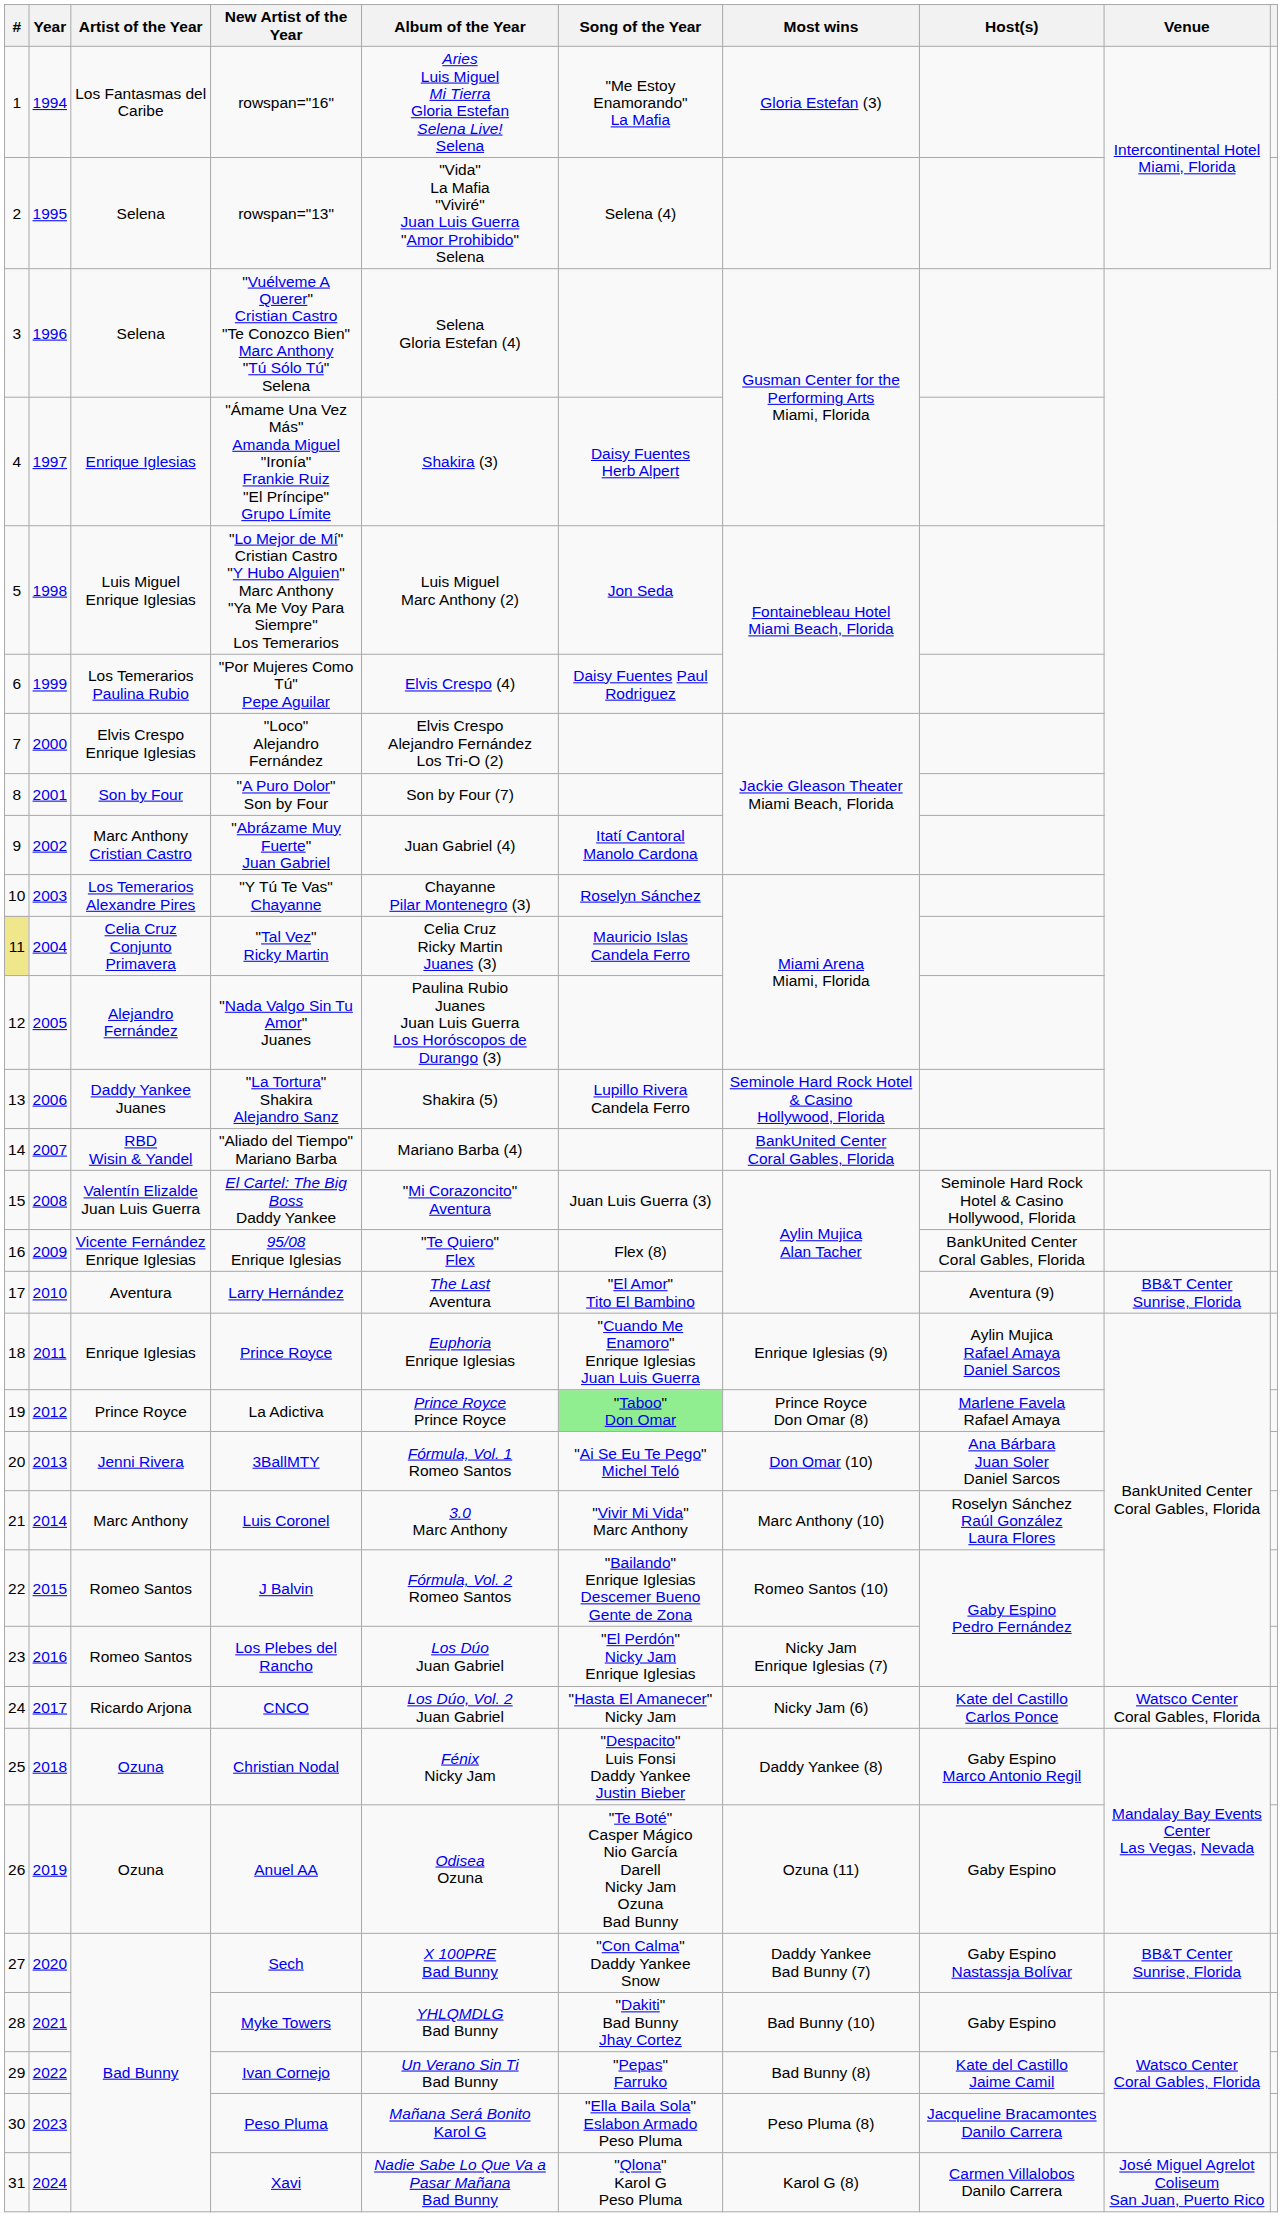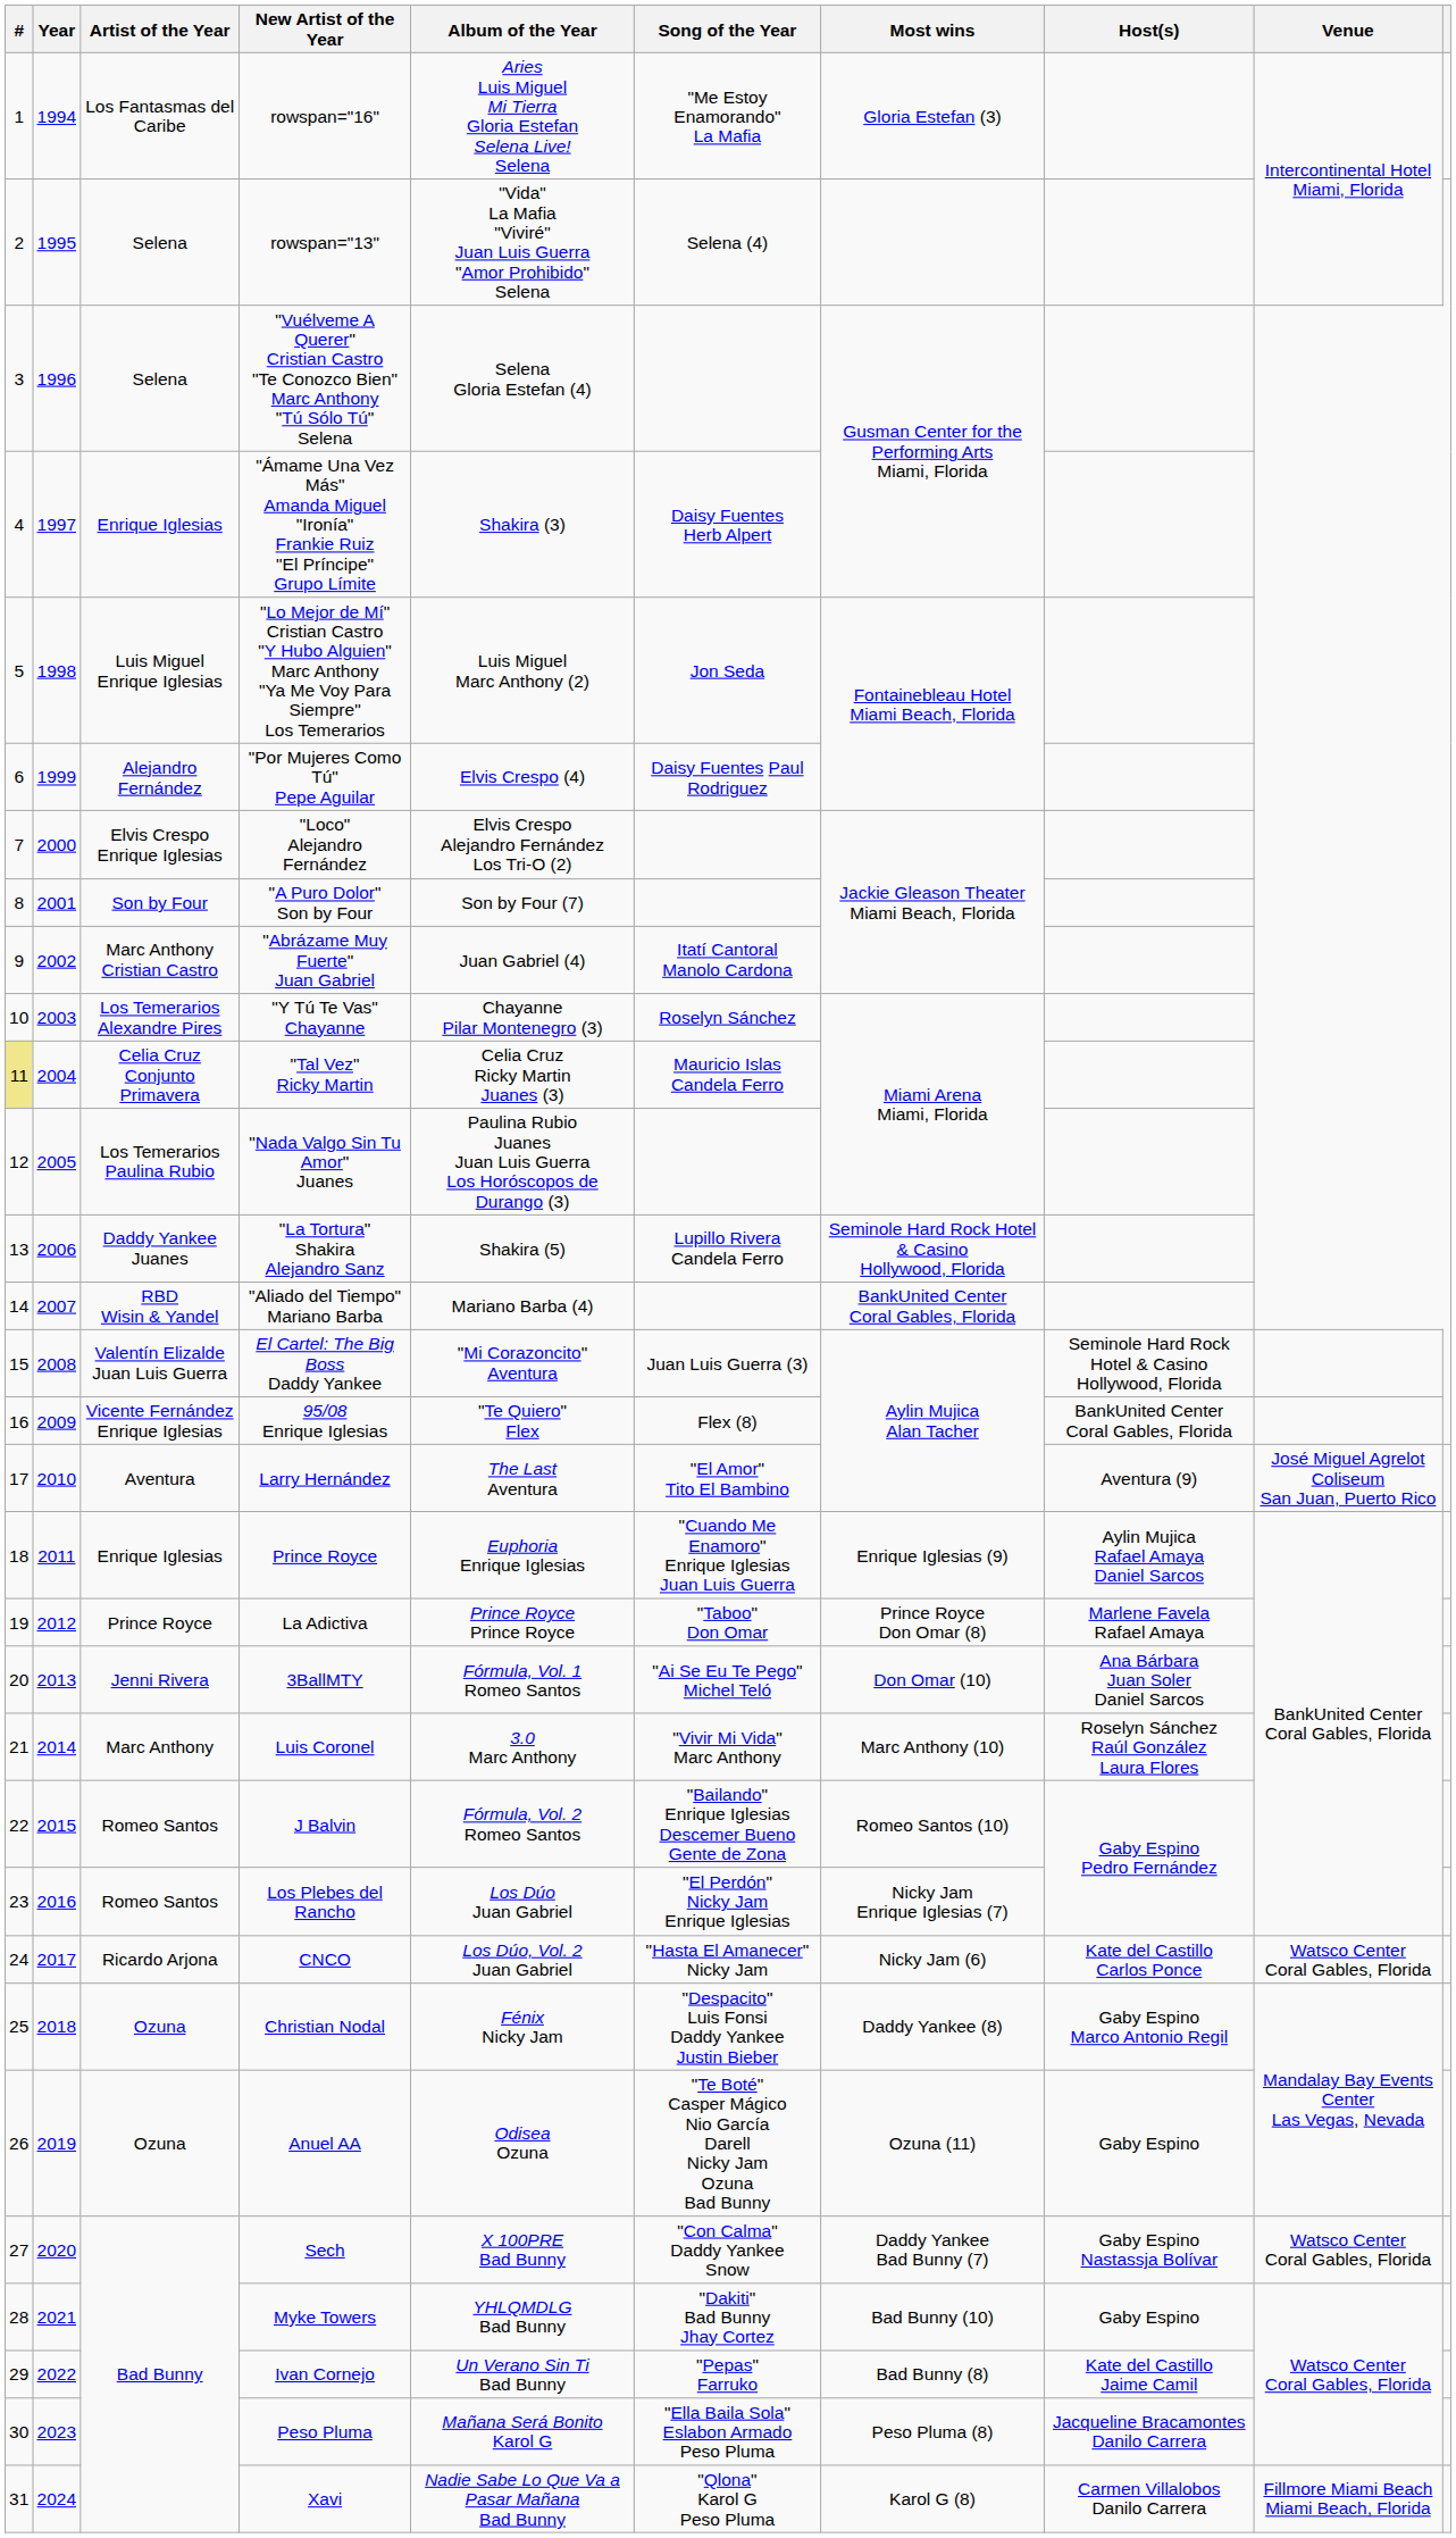 <table class="wikitable"  style="font-size:95%; text-align:center">
 <tr>
 <th>#</th>
 <th>Year</th>
 <th>Artist of the Year</th>
 <th>New Artist of the Year</th>
 <th>Album of the Year</th>
 <th>Song of the Year</th>
 <th>Most wins</th>
 <th>Host(s)</th>
 <th>Venue</th>
 <th></th>
 </tr>
 <tr>
 <td>1</td>
 <td><a href='#'>1994</a></td>
 <td>Los Fantasmas del Caribe</td>
 <td>rowspan="16" </td>
 <td><em><a href='#'>Aries</a></em><br><a href='#'>Luis Miguel</a><br><em><a href='#'>Mi Tierra</a></em><br><a href='#'>Gloria Estefan</a><br><em><a href='#'>Selena Live!</a></em><br><a href='#'>Selena</a></td>
 <td>"Me Estoy Enamorando"<br><a href='#'>La Mafia</a></td>
 <td><a href='#'>Gloria Estefan</a> (3)</td>
 <td></td>
 <td rowspan="2"><a href='#'>Intercontinental Hotel</a><br><a href='#'>Miami, Florida</a></td>
 <td></td>
 </tr>
 <tr>
 <td>2</td>
 <td><a href='#'>1995</a></td>
 <td>Selena</td>
 <td>rowspan="13" </td>
 <td>"Vida"<br>La Mafia<br>"Viviré"<br><a href='#'>Juan Luis Guerra</a><br>"<a href='#'>Amor Prohibido</a>"<br>Selena</td>
 <td>Selena (4)</td>
 <td></td>
 <td></td>
 </tr>
 <tr>
 <td>3</td>
 <td><a href='#'>1996</a></td>
 <td>Selena</td>
 <td>"<a href='#'>Vuélveme A Querer</a>"<br><a href='#'>Cristian Castro</a><br>"Te Conozco Bien"<br><a href='#'>Marc Anthony</a><br>"<a href='#'>Tú Sólo Tú</a>"<br>Selena</td>
 <td>Selena<br>Gloria Estefan (4)</td>
 <td></td>
 <td rowspan="2"><a href='#'>Gusman Center for the Performing Arts</a><br>Miami, Florida</td>
 <td></td>
 </tr>
 <tr>
 <td>4</td>
 <td><a href='#'>1997</a></td>
 <td><a href='#'>Enrique Iglesias</a></td>
 <td>"Ámame Una Vez Más"<br><a href='#'>Amanda Miguel</a><br>"Ironía"<br><a href='#'>Frankie Ruiz</a><br>"El Príncipe"<br><a href='#'>Grupo Límite</a></td>
 <td><a href='#'>Shakira</a> (3)</td>
 <td><a href='#'>Daisy Fuentes</a><br><a href='#'>Herb Alpert</a></td>
 <td></td>
 </tr>
 <tr>
 <td>5</td>
 <td><a href='#'>1998</a></td>
 <td>Luis Miguel<br>Enrique Iglesias</td>
 <td>"<a href='#'>Lo Mejor de Mí</a>"<br>Cristian Castro<br>"<a href='#'>Y Hubo Alguien</a>"<br>Marc Anthony<br>"Ya Me Voy Para Siempre"<br>Los Temerarios</td>
 <td>Luis Miguel<br>Marc Anthony (2)</td>
 <td><a href='#'>Jon Seda</a></td>
 <td rowspan="2"><a href='#'>Fontainebleau Hotel</a><br><a href='#'>Miami Beach, Florida</a></td>
 <td></td>
 </tr>
 <tr>
 <td>6</td>
 <td><a href='#'>1999</a></td>
-<td>Los Temerarios<br><a href='#'>Paulina Rubio</a></td>
+<td><a href='#'>Alejandro Fernández</a></td>
 <td>"Por Mujeres Como Tú"<br><a href='#'>Pepe Aguilar</a></td>
 <td><a href='#'>Elvis Crespo</a> (4)</td>
 <td><a href='#'>Daisy Fuentes</a> <a href='#'>Paul Rodriguez</a></td>
 <td></td>
 </tr>
 <tr>
 <td>7</td>
 <td><a href='#'>2000</a></td>
 <td>Elvis Crespo<br>Enrique Iglesias</td>
 <td>"Loco"<br>Alejandro Fernández</td>
 <td>Elvis Crespo<br>Alejandro Fernández<br>Los Tri-O (2)</td>
 <td></td>
 <td rowspan="3"><a href='#'>Jackie Gleason Theater</a><br>Miami Beach, Florida</td>
 <td></td>
 </tr>
 <tr>
 <td>8</td>
 <td><a href='#'>2001</a></td>
 <td><a href='#'>Son by Four</a></td>
 <td>"<a href='#'>A Puro Dolor</a>"<br>Son by Four</td>
 <td>Son by Four (7)</td>
 <td></td>
 <td></td>
 </tr>
 <tr>
 <td>9</td>
 <td><a href='#'>2002</a></td>
 <td>Marc Anthony<br><a href='#'>Cristian Castro</a></td>
 <td>"<a href='#'>Abrázame Muy Fuerte</a>"<br><a href='#'>Juan Gabriel</a></td>
 <td>Juan Gabriel (4)</td>
 <td><a href='#'>Itatí Cantoral</a><br><a href='#'>Manolo Cardona</a></td>
 <td></td>
 </tr>
 <tr>
 <td>10</td>
 <td><a href='#'>2003</a></td>
 <td><a href='#'>Los Temerarios</a><br><a href='#'>Alexandre Pires</a></td>
 <td>"Y Tú Te Vas"<br><a href='#'>Chayanne</a></td>
 <td>Chayanne<br><a href='#'>Pilar Montenegro</a> (3)</td>
 <td><a href='#'>Roselyn Sánchez</a></td>
 <td rowspan="3"><a href='#'>Miami Arena</a><br>Miami, Florida</td>
 <td></td>
 </tr>
 <tr>
 <td style="background: khaki;">11</td>
 <td><a href='#'>2004</a></td>
 <td><a href='#'>Celia Cruz</a><br><a href='#'>Conjunto Primavera</a></td>
 <td>"<a href='#'>Tal Vez</a>"<br><a href='#'>Ricky Martin</a></td>
 <td>Celia Cruz<br>Ricky Martin<br><a href='#'>Juanes</a> (3)</td>
 <td><a href='#'>Mauricio Islas</a><br><a href='#'>Candela Ferro</a></td>
 <td></td>
 </tr>
 <tr>
 <td>12</td>
 <td><a href='#'>2005</a></td>
-<td><a href='#'>Alejandro Fernández</a></td>
+<td>Los Temerarios<br><a href='#'>Paulina Rubio</a></td>
 <td>"<a href='#'>Nada Valgo Sin Tu Amor</a>"<br>Juanes</td>
 <td>Paulina Rubio<br>Juanes<br>Juan Luis Guerra<br><a href='#'>Los Horóscopos de Durango</a> (3)</td>
 <td></td>
 <td></td>
 </tr>
 <tr>
 <td>13</td>
 <td><a href='#'>2006</a></td>
 <td><a href='#'>Daddy Yankee</a><br>Juanes</td>
 <td>"<a href='#'>La Tortura</a>"<br>Shakira<br><a href='#'>Alejandro Sanz</a></td>
 <td>Shakira (5)</td>
 <td><a href='#'>Lupillo Rivera</a><br>Candela Ferro</td>
 <td><a href='#'>Seminole Hard Rock Hotel & Casino</a><br><a href='#'>Hollywood, Florida</a></td>
 <td></td>
 </tr>
 <tr>
 <td>14</td>
 <td><a href='#'>2007</a></td>
 <td><a href='#'>RBD</a><br><a href='#'>Wisin & Yandel</a></td>
 <td>"Aliado del Tiempo"<br>Mariano Barba</td>
 <td>Mariano Barba (4)</td>
 <td></td>
 <td><a href='#'>BankUnited Center</a><br><a href='#'>Coral Gables, Florida</a></td>
 <td></td>
 </tr>
 <tr>
 <td>15</td>
 <td><a href='#'>2008</a></td>
 <td><a href='#'>Valentín Elizalde</a><br>Juan Luis Guerra</td>
 <td><em><a href='#'>El Cartel: The Big Boss</a></em><br>Daddy Yankee</td>
 <td>"<a href='#'>Mi Corazoncito</a>"<br><a href='#'>Aventura</a></td>
 <td>Juan Luis Guerra (3)</td>
 <td rowspan="3"><a href='#'>Aylin Mujica</a><br><a href='#'>Alan Tacher</a></td>
 <td>Seminole Hard Rock Hotel & Casino<br>Hollywood, Florida</td>
 <td></td>
 </tr>
 <tr>
 <td>16</td>
 <td><a href='#'>2009</a></td>
 <td><a href='#'>Vicente Fernández</a><br>Enrique Iglesias</td>
 <td><em><a href='#'>95/08</a></em><br>Enrique Iglesias</td>
 <td>"<a href='#'>Te Quiero</a>"<br><a href='#'>Flex</a></td>
 <td>Flex (8)</td>
 <td>BankUnited Center<br>Coral Gables, Florida</td>
 <td></td>
 </tr>
 <tr>
 <td>17</td>
 <td><a href='#'>2010</a></td>
 <td>Aventura</td>
 <td><a href='#'>Larry Hernández</a></td>
 <td><em><a href='#'>The Last</a></em><br>Aventura</td>
 <td>"<a href='#'>El Amor</a>"<br><a href='#'>Tito El Bambino</a></td>
 <td>Aventura (9)</td>
-<td><a href='#'>BB&T Center</a><br><a href='#'>Sunrise, Florida</a></td>
+<td><a href='#'>José Miguel Agrelot Coliseum</a><br><a href='#'>San Juan, Puerto Rico</a></td>
 <td></td>
 </tr>
 <tr>
 <td>18</td>
 <td><a href='#'>2011</a></td>
 <td>Enrique Iglesias</td>
 <td><a href='#'>Prince Royce</a></td>
 <td><em><a href='#'>Euphoria</a></em><br>Enrique Iglesias</td>
 <td>"<a href='#'>Cuando Me Enamoro</a>"<br>Enrique Iglesias<br><a href='#'>Juan Luis Guerra</a></td>
 <td>Enrique Iglesias (9)</td>
 <td>Aylin Mujica<br><a href='#'>Rafael Amaya</a><br><a href='#'>Daniel Sarcos</a></td>
 <td rowspan="6">BankUnited Center<br>Coral Gables, Florida</td>
 <td></td>
 </tr>
 <tr>
 <td>19</td>
 <td><a href='#'>2012</a></td>
 <td>Prince Royce</td>
 <td>La Adictiva</td>
 <td><em><a href='#'>Prince Royce</a></em><br>Prince Royce</td>
-<td style="background: lightgreen;">"<a href='#'>Taboo</a>"<br><a href='#'>Don Omar</a></td>
+<td>"<a href='#'>Taboo</a>"<br><a href='#'>Don Omar</a></td>
 <td>Prince Royce<br>Don Omar (8)</td>
 <td><a href='#'>Marlene Favela</a><br>Rafael Amaya</td>
 <td></td>
 </tr>
 <tr>
 <td>20</td>
 <td><a href='#'>2013</a></td>
 <td><a href='#'>Jenni Rivera</a></td>
 <td><a href='#'>3BallMTY</a></td>
 <td><em><a href='#'>Fórmula, Vol. 1</a></em><br>Romeo Santos</td>
 <td>"<a href='#'>Ai Se Eu Te Pego</a>"<br><a href='#'>Michel Teló</a></td>
 <td><a href='#'>Don Omar</a> (10)</td>
 <td><a href='#'>Ana Bárbara</a><br><a href='#'>Juan Soler</a><br>Daniel Sarcos</td>
 <td></td>
 </tr>
 <tr>
 <td>21</td>
 <td><a href='#'>2014</a></td>
 <td>Marc Anthony</td>
 <td><a href='#'>Luis Coronel</a></td>
 <td><em><a href='#'>3.0</a></em><br>Marc Anthony</td>
 <td>"<a href='#'>Vivir Mi Vida</a>"<br>Marc Anthony</td>
 <td>Marc Anthony (10)</td>
 <td>Roselyn Sánchez<br><a href='#'>Raúl González</a><br><a href='#'>Laura Flores</a></td>
 <td></td>
 </tr>
 <tr>
 <td>22</td>
 <td><a href='#'>2015</a></td>
 <td>Romeo Santos</td>
 <td><a href='#'>J Balvin</a></td>
 <td><em><a href='#'>Fórmula, Vol. 2</a></em><br>Romeo Santos</td>
 <td>"<a href='#'>Bailando</a>"<br>Enrique Iglesias<br><a href='#'>Descemer Bueno</a><br><a href='#'>Gente de Zona</a></td>
 <td>Romeo Santos (10)</td>
 <td rowspan="2"><a href='#'>Gaby Espino</a><br><a href='#'>Pedro Fernández</a></td>
 <td></td>
 </tr>
 <tr>
 <td>23</td>
 <td><a href='#'>2016</a></td>
 <td>Romeo Santos</td>
 <td><a href='#'>Los Plebes del Rancho</a></td>
 <td><em><a href='#'>Los Dúo</a></em><br>Juan Gabriel</td>
 <td>"<a href='#'>El Perdón</a>"<br><a href='#'>Nicky Jam</a><br>Enrique Iglesias</td>
 <td>Nicky Jam<br>Enrique Iglesias (7)</td>
 <td></td>
 </tr>
 <tr>
 <td>24</td>
 <td><a href='#'>2017</a></td>
 <td>Ricardo Arjona</td>
 <td><a href='#'>CNCO</a></td>
 <td><em><a href='#'>Los Dúo, Vol. 2</a></em><br>Juan Gabriel</td>
 <td>"<a href='#'>Hasta El Amanecer</a>"<br>Nicky Jam</td>
 <td>Nicky Jam (6)</td>
 <td><a href='#'>Kate del Castillo</a><br><a href='#'>Carlos Ponce</a></td>
 <td><a href='#'>Watsco Center</a><br>Coral Gables, Florida</td>
 <td></td>
 </tr>
 <tr>
 <td>25</td>
 <td><a href='#'>2018</a></td>
 <td><a href='#'>Ozuna</a></td>
 <td><a href='#'>Christian Nodal</a></td>
 <td><em><a href='#'>Fénix</a></em><br>Nicky Jam</td>
 <td>"<a href='#'>Despacito</a>"<br>Luis Fonsi<br>Daddy Yankee<br><a href='#'>Justin Bieber</a></td>
 <td>Daddy Yankee (8)</td>
 <td>Gaby Espino<br><a href='#'>Marco Antonio Regil</a></td>
 <td rowspan="2"><a href='#'>Mandalay Bay Events Center</a><br><a href='#'>Las Vegas</a>, <a href='#'>Nevada</a></td>
 <td></td>
 </tr>
 <tr>
 <td>26</td>
 <td><a href='#'>2019</a></td>
 <td>Ozuna</td>
 <td><a href='#'>Anuel AA</a></td>
 <td><em><a href='#'>Odisea</a></em><br>Ozuna</td>
 <td>"<a href='#'>Te Boté</a>"<br>Casper Mágico<br>Nio García<br>Darell<br>Nicky Jam<br>Ozuna<br>Bad Bunny</td>
 <td>Ozuna (11)</td>
 <td>Gaby Espino</td>
 <td></td>
 </tr>
 <tr>
 <td>27</td>
 <td><a href='#'>2020</a></td>
 <td rowspan="5"><a href='#'>Bad Bunny</a></td>
 <td><a href='#'>Sech</a></td>
 <td><em><a href='#'>X 100PRE</a></em><br><a href='#'>Bad Bunny</a></td>
 <td>"<a href='#'>Con Calma</a>"<br>Daddy Yankee<br>Snow</td>
 <td>Daddy Yankee<br>Bad Bunny (7)</td>
 <td>Gaby Espino<br><a href='#'>Nastassja Bolívar</a></td>
-<td><a href='#'>BB&T Center</a><br><a href='#'>Sunrise, Florida</a></td>
+<td><a href='#'>Watsco Center</a><br>Coral Gables, Florida</td>
 <td></td>
 </tr>
 <tr>
 <td>28</td>
 <td><a href='#'>2021</a></td>
 <td><a href='#'>Myke Towers</a></td>
 <td><em><a href='#'>YHLQMDLG</a></em><br>Bad Bunny</td>
 <td>"<a href='#'>Dakiti</a>"<br>Bad Bunny<br><a href='#'>Jhay Cortez</a></td>
 <td>Bad Bunny (10)</td>
 <td>Gaby Espino</td>
 <td rowspan="3"><a href='#'>Watsco Center</a><br><a href='#'>Coral Gables, Florida</a></td>
 <td></td>
 </tr>
 <tr>
 <td>29</td>
 <td><a href='#'>2022</a></td>
 <td><a href='#'>Ivan Cornejo</a></td>
 <td><em><a href='#'>Un Verano Sin Ti</a></em><br>Bad Bunny</td>
 <td>"<a href='#'>Pepas</a>"<br><a href='#'>Farruko</a></td>
 <td>Bad Bunny (8)</td>
 <td><a href='#'>Kate del Castillo</a><br><a href='#'>Jaime Camil</a></td>
 <td></td>
 </tr>
 <tr>
 <td>30</td>
 <td><a href='#'>2023</a></td>
 <td><a href='#'>Peso Pluma</a></td>
 <td><em><a href='#'>Mañana Será Bonito</a></em><br><a href='#'>Karol G</a></td>
 <td>"<a href='#'>Ella Baila Sola</a>"<br><a href='#'>Eslabon Armado</a><br>Peso Pluma</td>
 <td>Peso Pluma (8)</td>
 <td><a href='#'>Jacqueline Bracamontes</a><br><a href='#'>Danilo Carrera</a></td>
 <td></td>
 </tr>
 <tr>
 <td>31</td>
 <td><a href='#'>2024</a></td>
 <td><a href='#'>Xavi</a></td>
 <td><em><a href='#'>Nadie Sabe Lo Que Va a Pasar Mañana</a></em><br><a href='#'>Bad Bunny</a></td>
 <td>"<a href='#'>Qlona</a>"<br>Karol G<br>Peso Pluma</td>
 <td>Karol G (8)</td>
 <td><a href='#'>Carmen Villalobos</a><br>Danilo Carrera</td>
-<td><a href='#'>José Miguel Agrelot Coliseum</a><br><a href='#'>San Juan, Puerto Rico</a></td>
+<td><a href='#'>Fillmore Miami Beach</a><br><a href='#'>Miami Beach, Florida</a></td>
 <td><br></td>
 </tr>
 </table>
